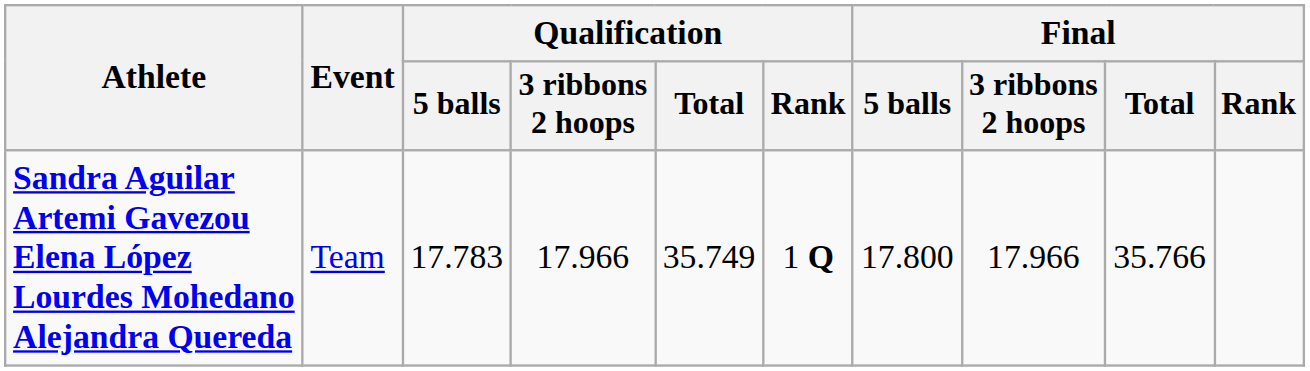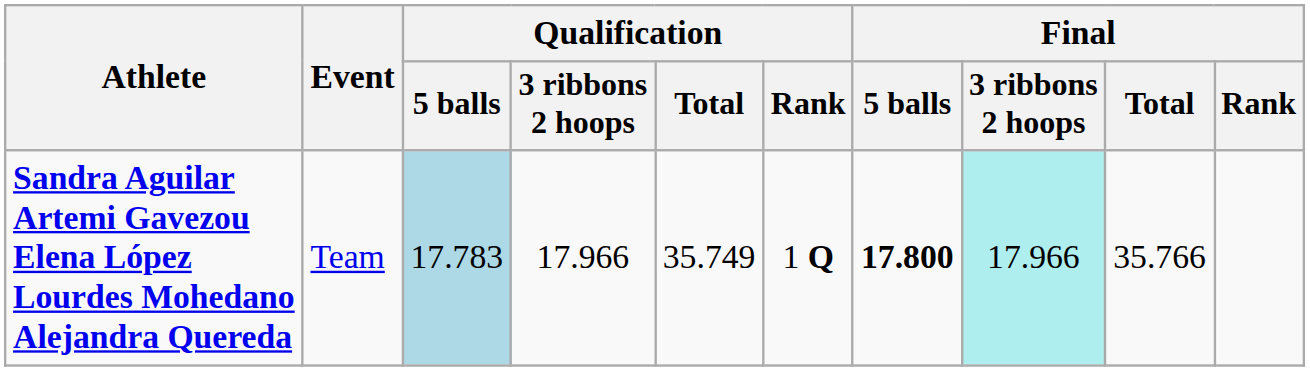 <table class="wikitable" style="font-size:90%">
 <tr>
 <th rowspan="2">Athlete</th>
 <th rowspan="2">Event</th>
 <th colspan="4">Qualification</th>
 <th colspan="4">Final</th>
 </tr>
 <tr style="font-size:95%">
 <th>5 balls</th>
 <th>3 ribbons<br>2 hoops</th>
 <th>Total</th>
 <th>Rank</th>
 <th>5 balls</th>
 <th>3 ribbons<br>2 hoops</th>
 <th>Total</th>
 <th>Rank</th>
 </tr>
 <tr align=center>
 <td align=left><strong><a href='#'>Sandra Aguilar</a><br><a href='#'>Artemi Gavezou</a><br><a href='#'>Elena López</a><br><a href='#'>Lourdes Mohedano</a><br><a href='#'>Alejandra Quereda</a></strong></td>
 <td align=left><a href='#'>Team</a></td>
-<td>17.783</td>
+<td style="background: lightblue;">17.783</td>
 <td>17.966</td>
 <td>35.749</td>
 <td>1 <strong>Q</strong></td>
-<td>17.800</td>
-<td>17.966</td>
+<td><strong>17.800</strong></td>
+<td style="background: paleturquoise;">17.966</td>
 <td>35.766</td>
 <td></td>
 </tr>
 </table>
